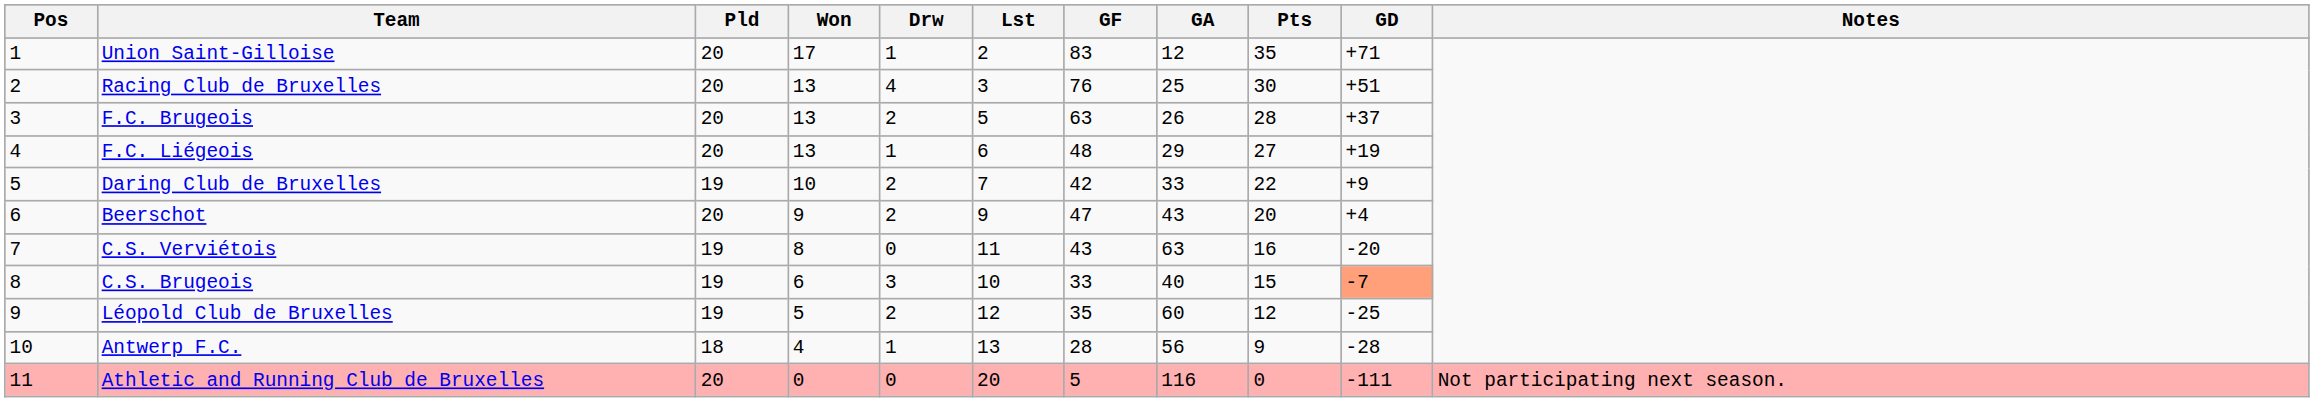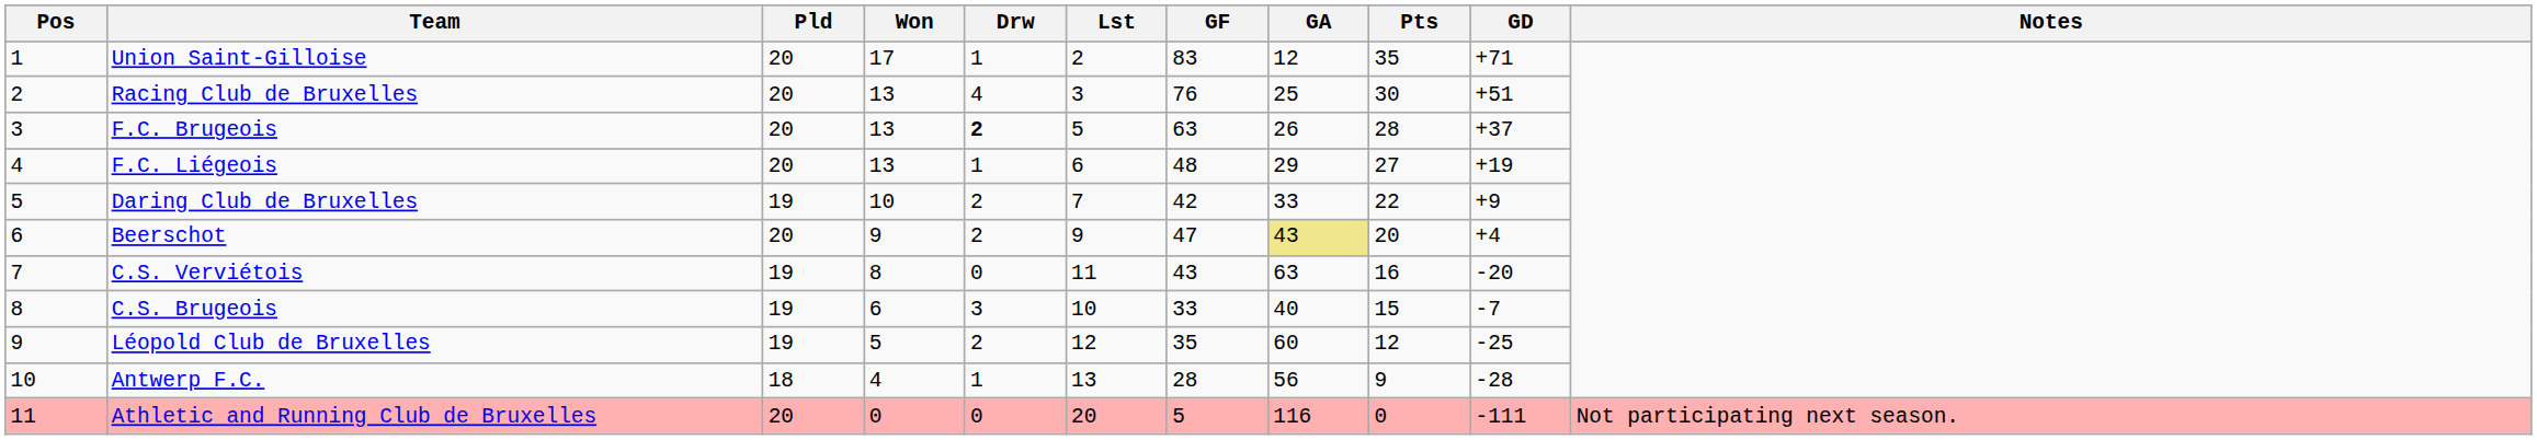 <table class="wikitable" width=70% style="font-size:90%">
 <tr>
 <th width=4%><strong>Pos</strong></th>
 <th width=26%><strong>Team</strong></th>
 <th width=4%><strong>Pld</strong></th>
 <th width=4%><strong>Won</strong></th>
 <th width=4%><strong>Drw</strong></th>
 <th width=4%><strong>Lst</strong></th>
 <th width=4%><strong>GF</strong></th>
 <th width=4%><strong>GA</strong></th>
 <th width=4%><strong>Pts</strong></th>
 <th width=4%><strong>GD</strong></th>
 <th width=38%><strong>Notes</strong></th>
 </tr>
 <tr>
 <td>1</td>
 <td><a href='#'>Union Saint-Gilloise</a></td>
 <td>20</td>
 <td>17</td>
 <td>1</td>
 <td>2</td>
 <td>83</td>
 <td>12</td>
 <td>35</td>
 <td>+71</td>
 </tr>
 <tr>
 <td>2</td>
 <td><a href='#'>Racing Club de Bruxelles</a></td>
 <td>20</td>
 <td>13</td>
 <td>4</td>
 <td>3</td>
 <td>76</td>
 <td>25</td>
 <td>30</td>
 <td>+51</td>
 </tr>
 <tr>
 <td>3</td>
 <td><a href='#'>F.C. Brugeois</a></td>
 <td>20</td>
 <td>13</td>
-<td>2</td>
+<td><strong>2</strong></td>
 <td>5</td>
 <td>63</td>
 <td>26</td>
 <td>28</td>
 <td>+37</td>
 </tr>
 <tr>
 <td>4</td>
 <td><a href='#'>F.C. Liégeois</a></td>
 <td>20</td>
 <td>13</td>
 <td>1</td>
 <td>6</td>
 <td>48</td>
 <td>29</td>
 <td>27</td>
 <td>+19</td>
 </tr>
 <tr>
 <td>5</td>
 <td><a href='#'>Daring Club de Bruxelles</a></td>
 <td>19</td>
 <td>10</td>
 <td>2</td>
 <td>7</td>
 <td>42</td>
 <td>33</td>
 <td>22</td>
 <td>+9</td>
 </tr>
 <tr>
 <td>6</td>
 <td><a href='#'>Beerschot</a></td>
 <td>20</td>
 <td>9</td>
 <td>2</td>
 <td>9</td>
 <td>47</td>
-<td>43</td>
+<td style="background: khaki;">43</td>
 <td>20</td>
 <td>+4</td>
 </tr>
 <tr>
 <td>7</td>
 <td><a href='#'>C.S. Verviétois</a></td>
 <td>19</td>
 <td>8</td>
 <td>0</td>
 <td>11</td>
 <td>43</td>
 <td>63</td>
 <td>16</td>
 <td>-20</td>
 </tr>
 <tr>
 <td>8</td>
 <td><a href='#'>C.S. Brugeois</a></td>
 <td>19</td>
 <td>6</td>
 <td>3</td>
 <td>10</td>
 <td>33</td>
 <td>40</td>
 <td>15</td>
-<td style="background: lightsalmon;">-7</td>
+<td>-7</td>
 </tr>
 <tr>
 <td>9</td>
 <td><a href='#'>Léopold Club de Bruxelles</a></td>
 <td>19</td>
 <td>5</td>
 <td>2</td>
 <td>12</td>
 <td>35</td>
 <td>60</td>
 <td>12</td>
 <td>-25</td>
 </tr>
 <tr>
 <td>10</td>
 <td><a href='#'>Antwerp F.C.</a></td>
 <td>18</td>
 <td>4</td>
 <td>1</td>
 <td>13</td>
 <td>28</td>
 <td>56</td>
 <td>9</td>
 <td>-28</td>
 </tr>
 <tr bgcolor=#ffb0b0>
 <td>11</td>
 <td><a href='#'>Athletic and Running Club de Bruxelles</a></td>
 <td>20</td>
 <td>0</td>
 <td>0</td>
 <td>20</td>
 <td>5</td>
 <td>116</td>
 <td>0</td>
 <td>-111</td>
 <td>Not participating next season.</td>
 </tr>
 </table>
